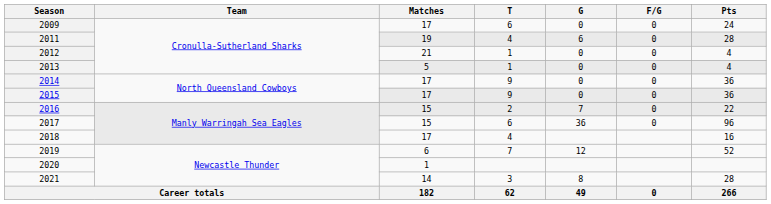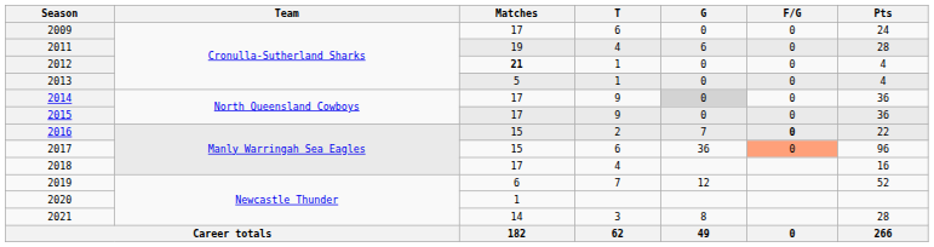 <table class="wikitable sortable"  style="font-size:90%; text-align:center; width:85%;">
 <tr>
 <th width=2%>Season</th>
 <th width=8%>Team</th>
 <th width=2%>Matches</th>
 <th width=2%>T</th>
 <th width=2%>G</th>
 <th width=2%>F/G</th>
 <th width=2%>Pts</th>
 </tr>
 <tr>
 <th scope="row" style="text-align:center; font-weight:normal">2009</th>
 <td rowspan="4" style="text-align:center;"> <a href='#'>Cronulla-Sutherland Sharks</a></td>
 <td>17</td>
 <td>6</td>
 <td>0</td>
 <td>0</td>
 <td>24</td>
 </tr>
 <tr style="background:#eaeaea;">
 <th scope="row" style="text-align:center; font-weight:normal">2011</th>
 <td>19</td>
 <td>4</td>
 <td>6</td>
 <td>0</td>
 <td>28</td>
 </tr>
 <tr>
 <th scope="row" style="text-align:center; font-weight:normal">2012</th>
-<td>21</td>
+<td><strong>21</strong></td>
 <td>1</td>
 <td>0</td>
 <td>0</td>
 <td>4</td>
 </tr>
 <tr style="background:#eaeaea;">
 <th scope="row" style="text-align:center; font-weight:normal">2013</th>
 <td>5</td>
 <td>1</td>
 <td>0</td>
 <td>0</td>
 <td>4</td>
 </tr>
 <tr>
 <th scope="row" style="text-align:center; font-weight:normal"><a href='#'>2014</a></th>
 <td rowspan="2" style="text-align:center;"> <a href='#'>North Queensland Cowboys</a></td>
 <td>17</td>
 <td>9</td>
-<td>0</td>
+<td style="background: lightgrey;">0</td>
 <td>0</td>
 <td>36</td>
 </tr>
 <tr style="background:#eaeaea;">
 <th scope="row" style="text-align:center; font-weight:normal"><a href='#'>2015</a></th>
 <td>17</td>
 <td>9</td>
 <td>0</td>
 <td>0</td>
 <td>36</td>
 </tr>
 <tr style="background:#eaeaea;">
 <th scope="row" style="text-align:center; font-weight:normal"><a href='#'>2016</a></th>
 <td rowspan="3" style="text-align:center;"> <a href='#'>Manly Warringah Sea Eagles</a></td>
 <td>15</td>
 <td>2</td>
 <td>7</td>
-<td>0</td>
+<td><strong>0</strong></td>
 <td>22</td>
 </tr>
 <tr>
 <td>2017</td>
 <td>15</td>
 <td>6</td>
 <td>36</td>
-<td>0</td>
+<td style="background: lightsalmon;">0</td>
 <td>96</td>
 </tr>
 <tr>
 <td>2018</td>
 <td>17</td>
 <td>4</td>
 <td></td>
 <td></td>
 <td>16</td>
 </tr>
 <tr>
 <td>2019</td>
 <td rowspan="3"> <a href='#'>Newcastle Thunder</a></td>
 <td>6</td>
 <td>7</td>
 <td>12</td>
 <td></td>
 <td>52</td>
 </tr>
 <tr>
 <td>2020</td>
 <td>1</td>
 <td></td>
 <td></td>
 <td></td>
 <td></td>
 </tr>
 <tr>
 <td>2021</td>
 <td>14</td>
 <td>3</td>
 <td>8</td>
 <td></td>
 <td>28</td>
 </tr>
 <tr class="sortbottom">
 <th colspan="2">Career totals</th>
 <th>182</th>
 <th>62</th>
 <th>49</th>
 <th>0</th>
 <th>266</th>
 </tr>
 </table>
